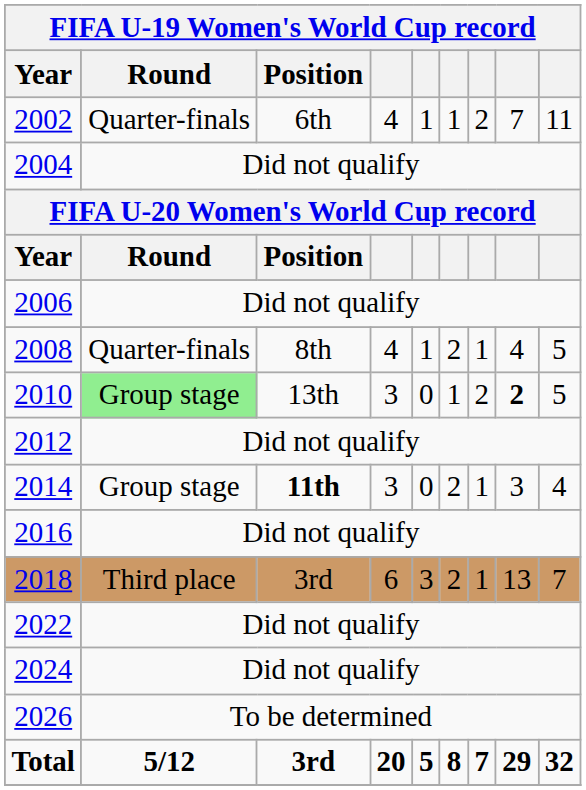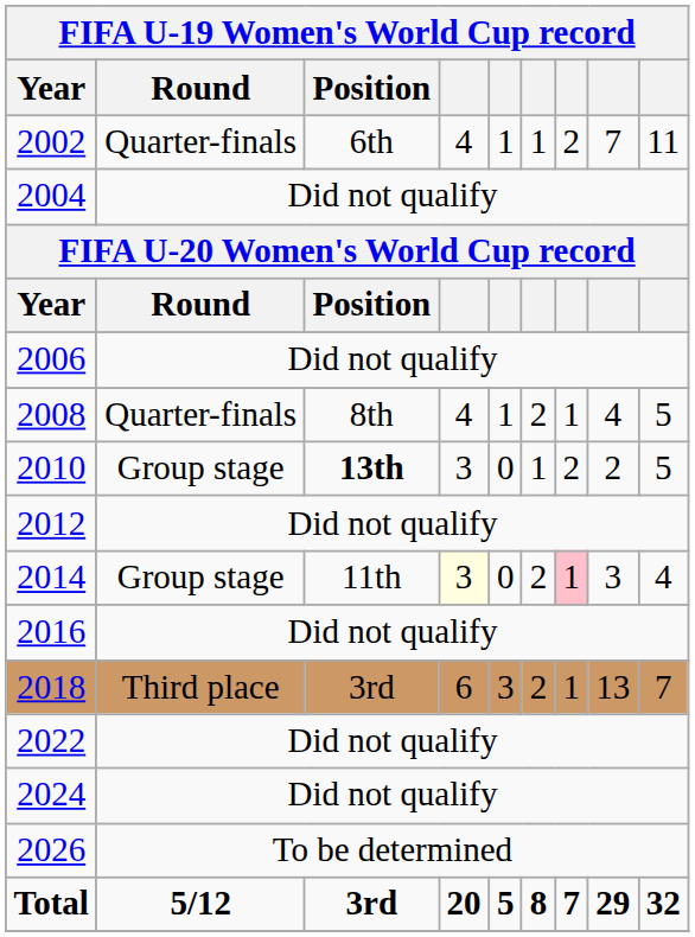 <table class="wikitable" style="text-align: center;">
 <tr>
 <th colspan=9><a href='#'>FIFA U-19 Women's World Cup record</a></th>
 </tr>
 <tr>
 <th>Year</th>
 <th>Round</th>
 <th>Position</th>
 <th></th>
 <th></th>
 <th></th>
 <th></th>
 <th></th>
 <th></th>
 </tr>
 <tr>
 <td> <a href='#'>2002</a></td>
 <td>Quarter-finals</td>
 <td>6th</td>
 <td>4</td>
 <td>1</td>
 <td>1</td>
 <td>2</td>
 <td>7</td>
 <td>11</td>
 </tr>
 <tr>
 <td> <a href='#'>2004</a></td>
 <td colspan=8>Did not qualify</td>
 </tr>
 <tr>
 <th colspan=9><a href='#'>FIFA U-20 Women's World Cup record</a></th>
 </tr>
 <tr>
 <th>Year</th>
 <th>Round</th>
 <th>Position</th>
 <th></th>
 <th></th>
 <th></th>
 <th></th>
 <th></th>
 <th></th>
 </tr>
 <tr>
 <td> <a href='#'>2006</a></td>
 <td colspan=8>Did not qualify</td>
 </tr>
 <tr>
 <td> <a href='#'>2008</a></td>
 <td>Quarter-finals</td>
 <td>8th</td>
 <td>4</td>
 <td>1</td>
 <td>2</td>
 <td>1</td>
 <td>4</td>
 <td>5</td>
 </tr>
 <tr>
 <td> <a href='#'>2010</a></td>
-<td style="background: lightgreen;">Group stage</td>
-<td>13th</td>
+<td>Group stage</td>
+<td><strong>13th</strong></td>
 <td>3</td>
 <td>0</td>
 <td>1</td>
 <td>2</td>
-<td><strong>2</strong></td>
+<td>2</td>
 <td>5</td>
 </tr>
 <tr>
 <td> <a href='#'>2012</a></td>
 <td colspan=8>Did not qualify</td>
 </tr>
 <tr>
 <td> <a href='#'>2014</a></td>
 <td>Group stage</td>
-<td><strong>11th</strong></td>
-<td>3</td>
+<td>11th</td>
+<td style="background: lightyellow;">3</td>
 <td>0</td>
 <td>2</td>
-<td>1</td>
+<td style="background: pink;">1</td>
 <td>3</td>
 <td>4</td>
 </tr>
 <tr>
 <td> <a href='#'>2016</a></td>
 <td colspan=8>Did not qualify</td>
 </tr>
 <tr bgcolor="#cc9966">
 <td> <a href='#'>2018</a></td>
 <td>Third place</td>
 <td>3rd</td>
 <td>6</td>
 <td>3</td>
 <td>2</td>
 <td>1</td>
 <td>13</td>
 <td>7</td>
 </tr>
 <tr>
 <td> <a href='#'>2022</a></td>
 <td colspan=8>Did not qualify</td>
 </tr>
 <tr>
 <td> <a href='#'>2024</a></td>
 <td colspan=8>Did not qualify</td>
 </tr>
 <tr>
 <td> <a href='#'>2026</a></td>
 <td colspan=8>To be determined</td>
 </tr>
 <tr>
 <td><strong>Total</strong></td>
 <td><strong>5/12</strong></td>
 <td><strong>3rd</strong></td>
 <td><strong>20</strong></td>
 <td><strong>5</strong></td>
 <td><strong>8</strong></td>
 <td><strong>7</strong></td>
 <td><strong>29</strong></td>
 <td><strong>32</strong></td>
 </tr>
 <tr>
 </tr>
 </table>
